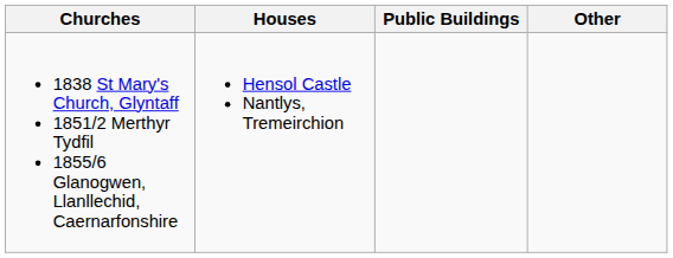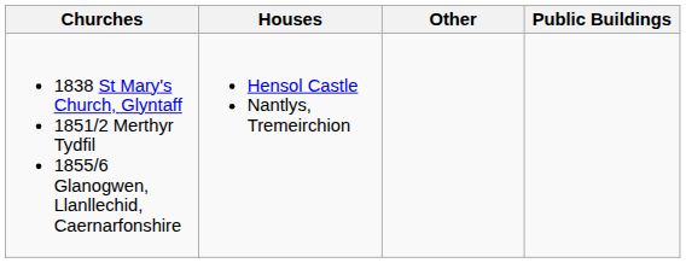 <table class="wikitable">
 <tr>
 <th width="175">Churches</th>
 <th width="175">Houses</th>
+<th width="175">Other</th>
 <th width="175">Public Buildings</th>
-<th width="175">Other</th>
 </tr>
 <tr valign="top">
 <td><br><ul><li>1838 <a href='#'>St Mary's Church, Glyntaff</a></li><li>1851/2 Merthyr Tydfil</li><li>1855/6 Glanogwen, Llanllechid, Caernarfonshire</li></ul></td>
 <td><br><ul><li><a href='#'>Hensol Castle</a></li><li>Nantlys, Tremeirchion</li></ul></td>
 <td></td>
 <td></td>
 </tr>
 </table>
